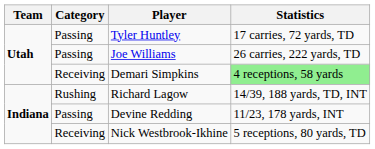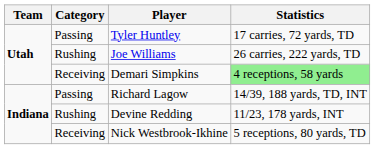 <table class="wikitable" style="float: right;">
 <tr>
 <th>Team</th>
 <th>Category</th>
 <th>Player</th>
 <th>Statistics</th>
 </tr>
 <tr>
 <td rowspan=3><strong>Utah</strong></td>
 <td>Passing</td>
 <td><a href='#'>Tyler Huntley</a></td>
 <td>17 carries, 72 yards, TD</td>
 </tr>
 <tr>
-<td>Passing</td>
+<td>Rushing</td>
 <td><a href='#'>Joe Williams</a></td>
 <td>26 carries, 222 yards, TD</td>
 </tr>
 <tr>
 <td>Receiving</td>
 <td>Demari Simpkins</td>
 <td style="background: lightgreen;">4 receptions, 58 yards</td>
 </tr>
 <tr>
 <td rowspan=3><strong>Indiana</strong></td>
-<td>Rushing</td>
+<td>Passing</td>
 <td>Richard Lagow</td>
 <td>14/39, 188 yards, TD, INT</td>
 </tr>
 <tr>
-<td>Passing</td>
+<td>Rushing</td>
 <td>Devine Redding</td>
 <td>11/23, 178 yards, INT</td>
 </tr>
 <tr>
 <td>Receiving</td>
 <td>Nick Westbrook-Ikhine</td>
 <td>5 receptions, 80 yards, TD</td>
 </tr>
 </table>
